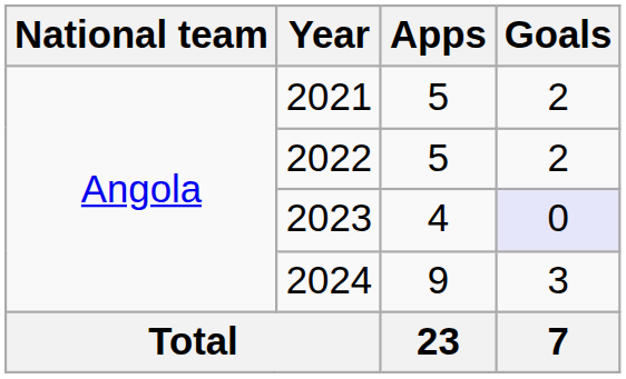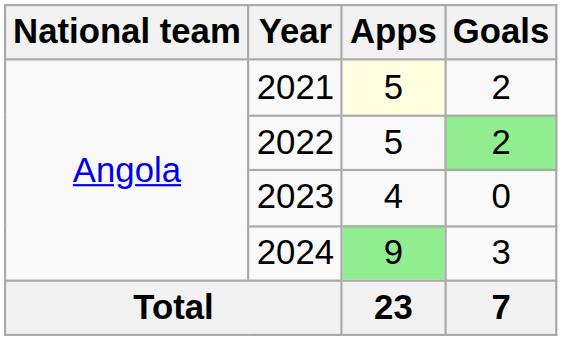 <table class="wikitable" style="text-align:center">
 <tr>
 <th>National team</th>
 <th>Year</th>
 <th>Apps</th>
 <th>Goals</th>
 </tr>
 <tr>
 <td rowspan="4"><a href='#'>Angola</a></td>
 <td>2021</td>
-<td>5</td>
+<td style="background: lightyellow;">5</td>
 <td>2</td>
 </tr>
 <tr>
 <td>2022</td>
 <td>5</td>
-<td>2</td>
+<td style="background: lightgreen;">2</td>
 </tr>
 <tr>
 <td>2023</td>
 <td>4</td>
-<td style="background: lavender;">0</td>
+<td>0</td>
 </tr>
 <tr>
 <td>2024</td>
-<td>9</td>
+<td style="background: lightgreen;">9</td>
 <td>3</td>
 </tr>
 <tr>
 <th colspan="2">Total</th>
 <th>23</th>
 <th>7</th>
 </tr>
 </table>
